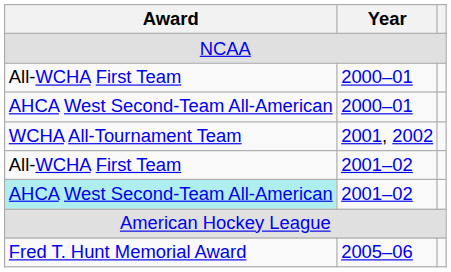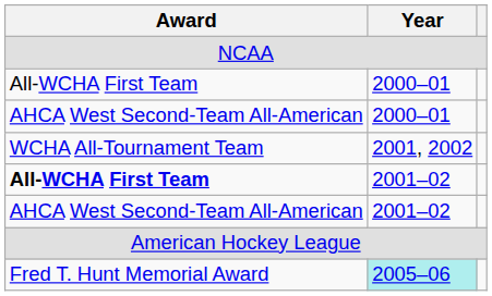 <table class="wikitable">
 <tr>
 <th>Award</th>
 <th>Year</th>
 <th></th>
 </tr>
 <tr ALIGN="center" bgcolor="#e0e0e0">
 <td colspan="3"><a href='#'>NCAA</a></td>
 </tr>
 <tr>
 <td>All-<a href='#'>WCHA</a> <a href='#'>First Team</a></td>
 <td><a href='#'>2000–01</a></td>
 <td></td>
 </tr>
 <tr>
 <td><a href='#'>AHCA</a> <a href='#'>West Second-Team All-American</a></td>
 <td><a href='#'>2000–01</a></td>
 <td></td>
 </tr>
 <tr>
 <td><a href='#'>WCHA</a> <a href='#'>All-Tournament Team</a></td>
 <td><a href='#'>2001</a>, <a href='#'>2002</a></td>
 <td></td>
 </tr>
 <tr>
-<td>All-<a href='#'>WCHA</a> <a href='#'>First Team</a></td>
+<td><strong>All-<a href='#'>WCHA</a> <a href='#'>First Team</a></strong></td>
 <td><a href='#'>2001–02</a></td>
 <td></td>
 </tr>
 <tr>
-<td style="background: paleturquoise;"><a href='#'>AHCA</a> <a href='#'>West Second-Team All-American</a></td>
+<td><a href='#'>AHCA</a> <a href='#'>West Second-Team All-American</a></td>
 <td><a href='#'>2001–02</a></td>
 <td></td>
 </tr>
 <tr ALIGN="center" bgcolor="#e0e0e0">
 <td colspan="3"><a href='#'>American Hockey League</a></td>
 </tr>
 <tr>
 <td><a href='#'>Fred T. Hunt Memorial Award</a></td>
-<td><a href='#'>2005–06</a></td>
+<td style="background: paleturquoise;"><a href='#'>2005–06</a></td>
 <td></td>
 </tr>
 </table>
